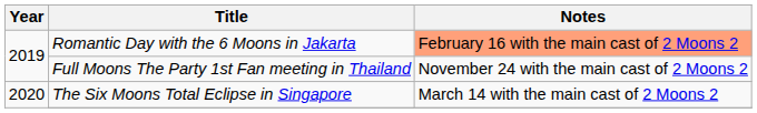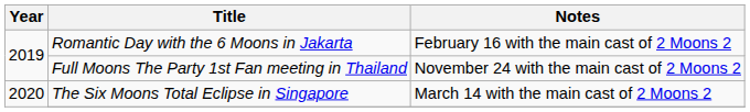 <table class="wikitable sortable plainrowheaders">
 <tr>
 <th>Year</th>
 <th>Title</th>
 <th>Notes</th>
 </tr>
 <tr>
 <td rowspan="2">2019</td>
 <td><em>Romantic Day with the 6 Moons in <a href='#'>Jakarta</a></em></td>
-<td style="background: lightsalmon;">February 16 with the main cast of <a href='#'>2 Moons 2</a></td>
+<td>February 16 with the main cast of <a href='#'>2 Moons 2</a></td>
 </tr>
 <tr>
 <td><em>Full Moons The Party 1st Fan meeting in <a href='#'>Thailand</a></em></td>
 <td>November 24 with the main cast of <a href='#'>2 Moons 2</a></td>
 </tr>
 <tr>
 <td rowspan="5">2020</td>
 <td><em>The Six Moons Total Eclipse in <a href='#'>Singapore</a></em></td>
 <td>March 14 with the main cast of <a href='#'>2 Moons 2</a></td>
 </tr>
 <tr>
 </tr>
 </table>
